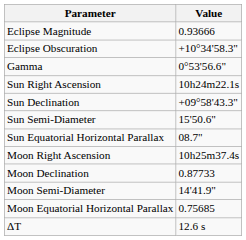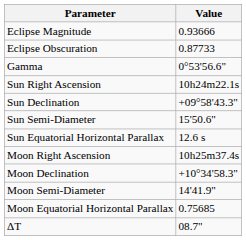 <table class="wikitable">
 <tr>
 <th>Parameter</th>
 <th>Value</th>
 </tr>
 <tr>
 <td>Eclipse Magnitude</td>
 <td>0.93666</td>
 </tr>
 <tr>
 <td>Eclipse Obscuration</td>
-<td>+10°34'58.3"</td>
+<td>0.87733</td>
 </tr>
 <tr>
 <td>Gamma</td>
 <td>0°53'56.6"</td>
 </tr>
 <tr>
 <td>Sun Right Ascension</td>
 <td>10h24m22.1s</td>
 </tr>
 <tr>
 <td>Sun Declination</td>
 <td>+09°58'43.3"</td>
 </tr>
 <tr>
 <td>Sun Semi-Diameter</td>
 <td>15'50.6"</td>
 </tr>
 <tr>
 <td>Sun Equatorial Horizontal Parallax</td>
-<td>08.7"</td>
+<td>12.6 s</td>
 </tr>
 <tr>
 <td>Moon Right Ascension</td>
 <td>10h25m37.4s</td>
 </tr>
 <tr>
 <td>Moon Declination</td>
-<td>0.87733</td>
+<td>+10°34'58.3"</td>
 </tr>
 <tr>
 <td>Moon Semi-Diameter</td>
 <td>14'41.9"</td>
 </tr>
 <tr>
 <td>Moon Equatorial Horizontal Parallax</td>
 <td>0.75685</td>
 </tr>
 <tr>
 <td>ΔT</td>
-<td>12.6 s</td>
+<td>08.7"</td>
 </tr>
 </table>
